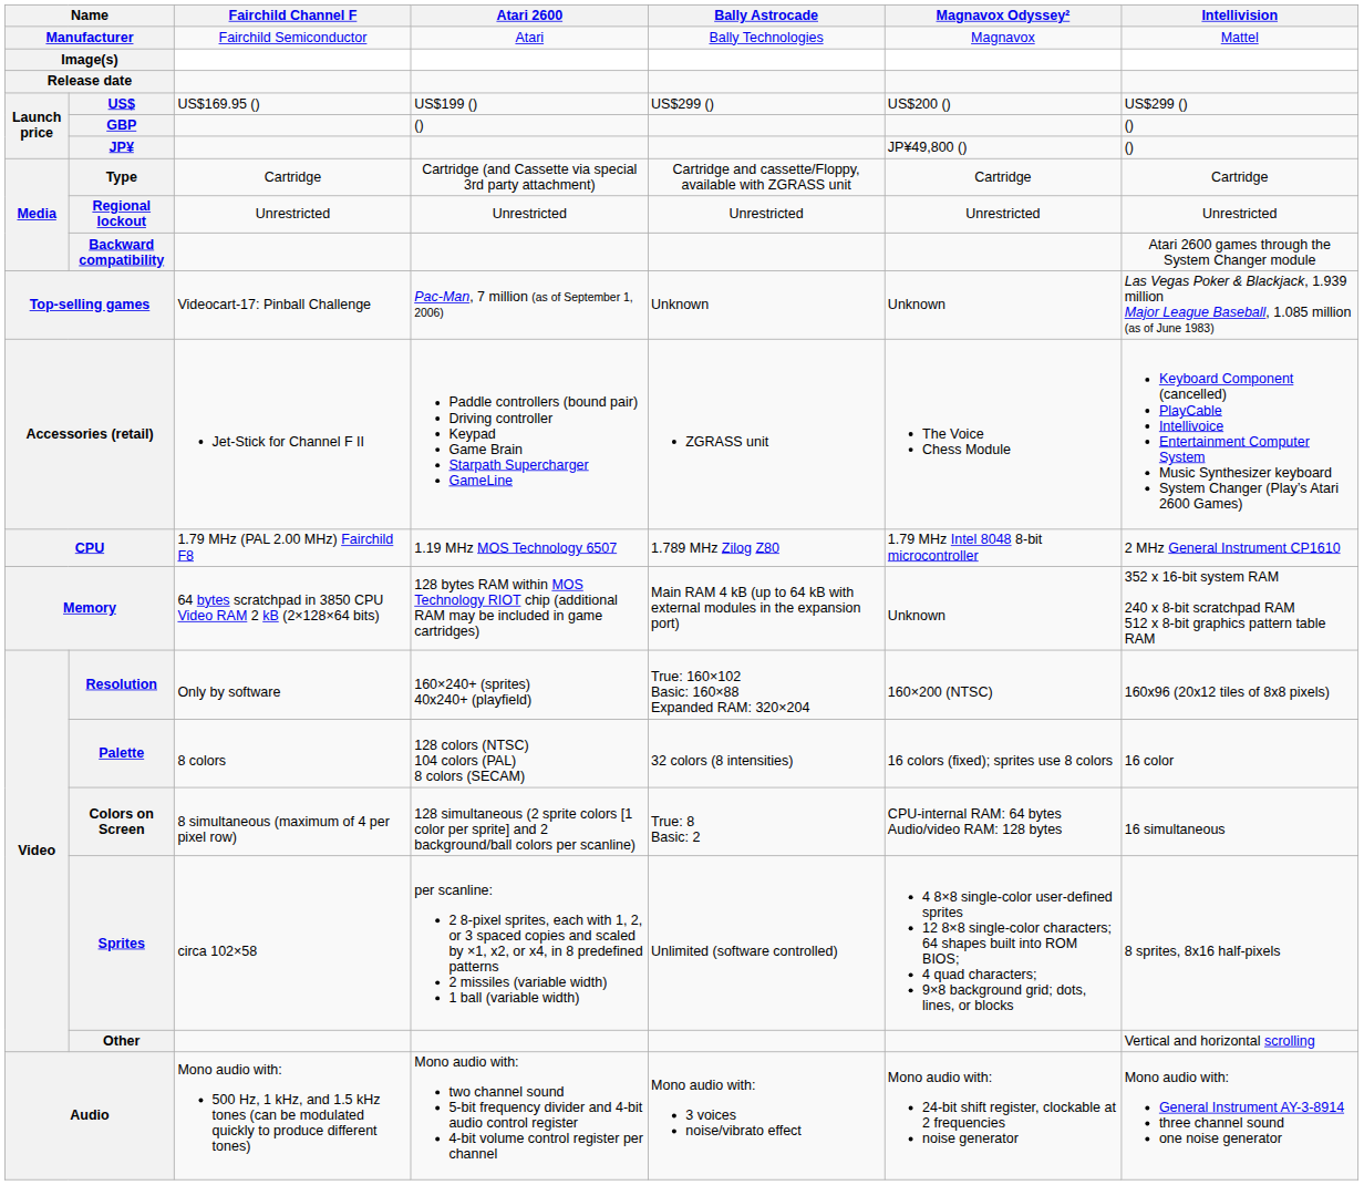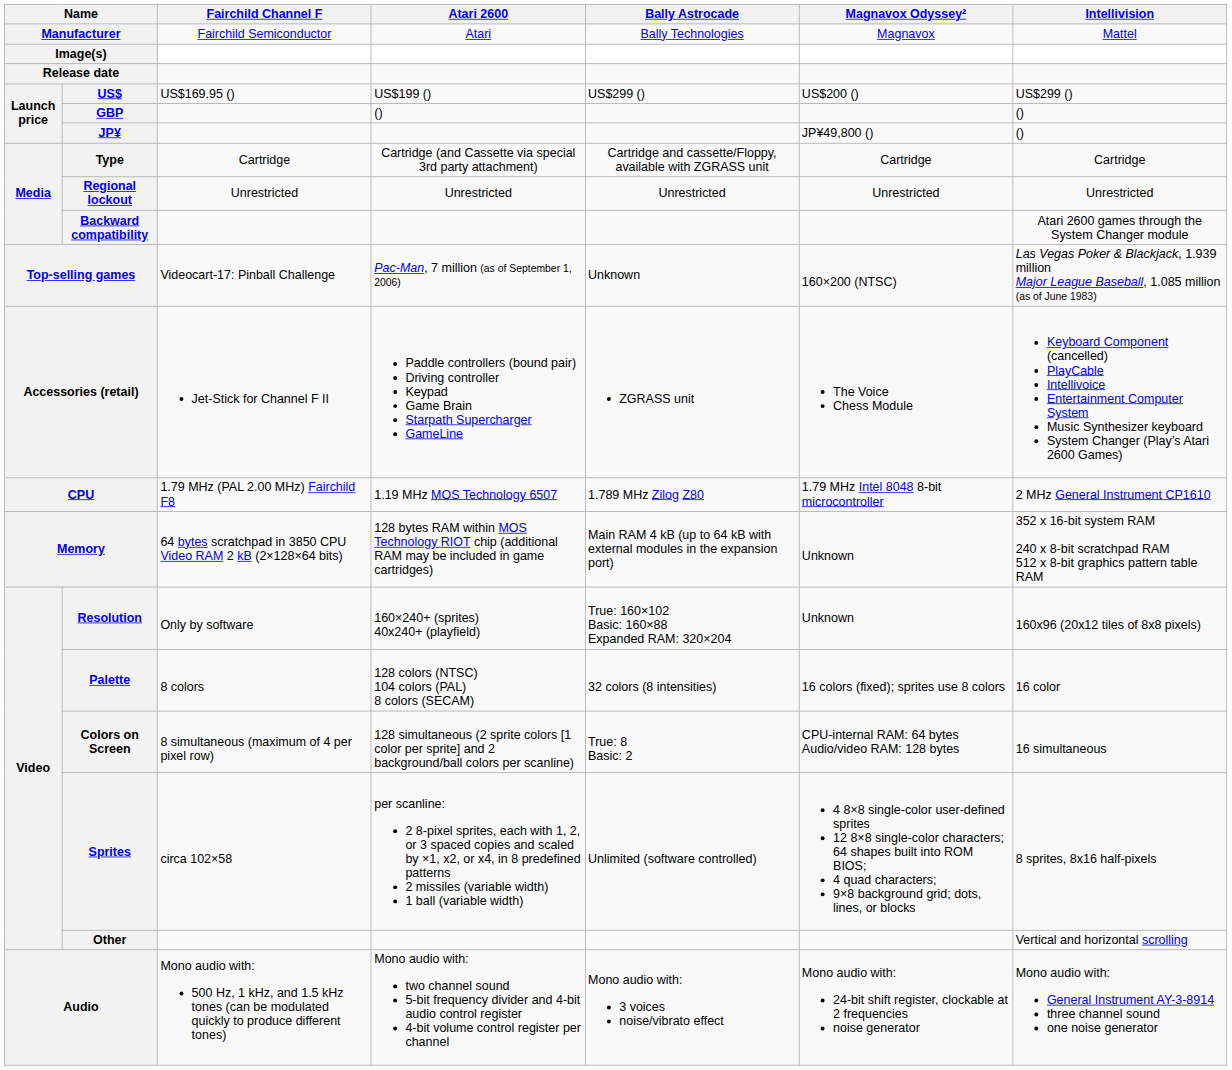 <table class="wikitable">
 <tr>
 <th colspan="2" style="width: 10%">Name</th>
 <th style="width: 15%;"><a href='#'>Fairchild Channel F</a></th>
 <th style="width: 15%;"><a href='#'>Atari 2600</a></th>
 <th style="width: 15%;"><a href='#'>Bally Astrocade</a></th>
 <th style="width: 15%;"><a href='#'>Magnavox Odyssey²</a></th>
 <th style="width: 15%;"><a href='#'>Intellivision</a></th>
 </tr>
 <tr align="center">
 <th colspan="2"><a href='#'>Manufacturer</a></th>
 <td><a href='#'>Fairchild Semiconductor</a></td>
 <td><a href='#'>Atari</a></td>
 <td><a href='#'>Bally Technologies</a></td>
 <td><a href='#'>Magnavox</a></td>
 <td><a href='#'>Mattel</a></td>
 </tr>
 <tr style="text-align:center;">
 <th colspan="2">Image(s)</th>
 <td style="background: white;"><br></td>
 <td style="background: white;"><br></td>
 <td style="background: white;"></td>
 <td style="background: white;"></td>
 <td style="background: white;"><br></td>
 </tr>
 <tr style="vertical-align: center">
 <th colspan="2">Release date</th>
 <td></td>
 <td></td>
 <td></td>
 <td></td>
 <td></td>
 </tr>
 <tr>
 <th rowspan="3">Launch price</th>
 <th><a href='#'>US$</a></th>
 <td>US$169.95 ()</td>
 <td>US$199 ()</td>
 <td>US$299 ()</td>
 <td>US$200 ()</td>
 <td>US$299 ()</td>
 </tr>
 <tr>
 <th><a href='#'>GBP</a></th>
 <td></td>
 <td> ()</td>
 <td></td>
 <td></td>
 <td> ()</td>
 </tr>
 <tr>
 <th><a href='#'>JP¥</a></th>
 <td></td>
 <td></td>
 <td></td>
 <td>JP¥49,800 ()</td>
 <td> ()</td>
 </tr>
 <tr style="text-align:center;">
 <th rowspan="3"><a href='#'>Media</a></th>
 <th>Type</th>
 <td>Cartridge</td>
 <td>Cartridge (and Cassette via special 3rd party attachment)</td>
 <td>Cartridge and cassette/Floppy, available with ZGRASS unit</td>
 <td>Cartridge</td>
 <td>Cartridge</td>
 </tr>
 <tr style="text-align:center;">
 <th><a href='#'>Regional lockout</a></th>
 <td>Unrestricted</td>
 <td>Unrestricted</td>
 <td>Unrestricted</td>
 <td>Unrestricted</td>
 <td>Unrestricted</td>
 </tr>
 <tr style="text-align:center;">
 <th><a href='#'>Backward compatibility</a></th>
 <td></td>
 <td></td>
 <td></td>
 <td></td>
 <td>Atari 2600 games through the System Changer module</td>
 </tr>
 <tr>
 <th colspan="2"><a href='#'>Top-selling games</a></th>
 <td>Videocart-17: Pinball Challenge</td>
 <td><em><a href='#'>Pac-Man</a></em>, 7 million <small>(as of September 1, 2006)</small></td>
 <td>Unknown</td>
-<td>Unknown</td>
+<td><br>160×200 (NTSC)</td>
 <td><em>Las Vegas Poker & Blackjack</em>, 1.939 million<br><em><a href='#'>Major League Baseball</a></em>, 1.085 million <small>(as of June 1983)</small></td>
 </tr>
 <tr>
 <th colspan="2">Accessories (retail)</th>
 <td><br><ul><li>Jet-Stick for Channel F II</li></ul></td>
 <td><br><ul><li>Paddle controllers (bound pair)</li><li>Driving controller</li><li>Keypad</li><li>Game Brain</li><li><a href='#'>Starpath Supercharger</a></li><li><a href='#'>GameLine</a></li></ul></td>
 <td><br><ul><li>ZGRASS unit</li></ul></td>
 <td><br><ul><li>The Voice</li><li>Chess Module</li></ul></td>
 <td><br><ul><li><a href='#'>Keyboard Component</a> (cancelled)</li><li><a href='#'>PlayCable</a></li><li><a href='#'>Intellivoice</a></li><li><a href='#'>Entertainment Computer System</a></li><li>Music Synthesizer keyboard</li><li>System Changer (Play’s Atari 2600 Games)</li></ul></td>
 </tr>
 <tr>
 <th colspan="2"><a href='#'>CPU</a></th>
 <td>1.79 MHz (PAL 2.00 MHz) <a href='#'>Fairchild F8</a></td>
 <td>1.19 MHz <a href='#'>MOS Technology 6507</a></td>
 <td>1.789 MHz <a href='#'>Zilog</a> <a href='#'>Z80</a></td>
 <td>1.79 MHz <a href='#'>Intel 8048</a> 8-bit <a href='#'>microcontroller</a></td>
 <td>2 MHz <a href='#'>General Instrument CP1610</a></td>
 </tr>
 <tr>
 <th colspan="2"><a href='#'>Memory</a></th>
 <td>64 <a href='#'>bytes</a> scratchpad in 3850 CPU<br><a href='#'>Video RAM</a> 2 <a href='#'>kB</a> (2×128×64 bits)</td>
 <td>128 bytes RAM within <a href='#'>MOS Technology RIOT</a> chip (additional RAM may be included in game cartridges)</td>
 <td>Main RAM 4 kB (up to 64 kB with external modules in the expansion port)</td>
 <td><br>Unknown</td>
 <td>352 x 16-bit system RAM<br><br>240 x 8-bit scratchpad RAM<br> 512 x 8-bit graphics pattern table RAM</td>
 </tr>
 <tr style="vertical-align: center">
 <th rowspan="5">Video</th>
 <th><a href='#'>Resolution</a></th>
 <td><br>Only by software</td>
 <td><br>160×240+ (sprites)<br> 40x240+ (playfield)<br></td>
 <td><br>True: 160×102<br> Basic: 160×88<br> Expanded RAM: 320×204</td>
-<td><br>160×200 (NTSC)</td>
+<td>Unknown</td>
 <td><br>160x96 (20x12 tiles of 8x8 pixels)</td>
 </tr>
 <tr>
 <th><a href='#'>Palette</a></th>
 <td><br>8 colors</td>
 <td><br>128 colors (NTSC)<br> 104 colors (PAL)<br> 8 colors (SECAM)</td>
 <td><br>32 colors (8 intensities)</td>
 <td><br>16 colors (fixed); sprites use 8 colors</td>
 <td><br>16 color</td>
 </tr>
 <tr>
 <th>Colors on Screen</th>
 <td><br>8 simultaneous (maximum of 4 per pixel row)</td>
 <td><br>128 simultaneous (2 sprite colors [1 color per sprite] and 2 background/ball colors per scanline)</td>
 <td><br>True: 8<br> Basic: 2</td>
 <td>CPU-internal RAM: 64 bytes<br>Audio/video RAM: 128 bytes</td>
 <td><br>16 simultaneous</td>
 </tr>
 <tr>
 <th><a href='#'>Sprites</a></th>
 <td><br>circa 102×58 </td>
 <td><br>per scanline:<ul><li>2 8-pixel sprites, each with 1, 2, or 3 spaced copies and scaled by ×1, x2, or x4, in 8 predefined patterns</li><li>2 missiles (variable width)</li><li>1 ball (variable width)</li></ul></td>
 <td><br>Unlimited (software controlled)</td>
 <td><br><ul><li>4 8×8 single-color user-defined sprites</li><li>12 8×8 single-color characters; 64 shapes built into ROM BIOS;</li><li>4 quad characters;</li><li>9×8 background grid; dots, lines, or blocks</li></ul></td>
 <td><br>8 sprites, 8x16 half-pixels</td>
 </tr>
 <tr>
 <th>Other</th>
 <td></td>
 <td></td>
 <td></td>
 <td></td>
 <td>Vertical and horizontal <a href='#'>scrolling</a></td>
 </tr>
 <tr style="vertical-align: center">
 <th colspan="2">Audio</th>
 <td>Mono audio with:<br><ul><li>500 Hz, 1 kHz, and 1.5 kHz tones (can be modulated quickly to produce different tones)</li></ul></td>
 <td>Mono audio with:<br><ul><li>two channel sound</li><li>5-bit frequency divider and 4-bit audio control register</li><li>4-bit volume control register per channel</li></ul></td>
 <td>Mono audio with:<br><ul><li>3 voices</li><li>noise/vibrato effect</li></ul></td>
 <td>Mono audio with:<br><ul><li>24-bit shift register, clockable at 2 frequencies</li><li>noise generator</li></ul></td>
 <td>Mono audio with:<br><ul><li><a href='#'>General Instrument AY-3-8914</a></li><li>three channel sound</li><li>one noise generator</li></ul></td>
 </tr>
 </table>
